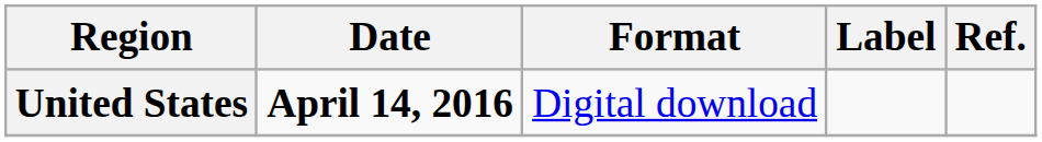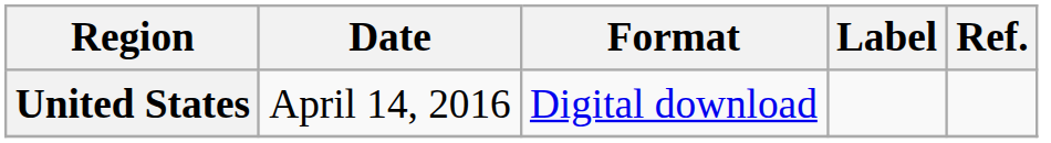 <table class="wikitable plainrowheaders">
 <tr>
 <th>Region</th>
 <th>Date</th>
 <th>Format</th>
 <th>Label</th>
 <th>Ref.</th>
 </tr>
 <tr>
 <th scope="row">United States</th>
-<td rowspan="1"><strong>April 14, 2016</strong></td>
+<td rowspan="1">April 14, 2016</td>
 <td rowspan="1"><a href='#'>Digital download</a></td>
 <td rowspan="1"></td>
 <td style="text-align:center;"></td>
 </tr>
 <tr>
 </tr>
 </table>
